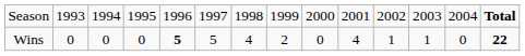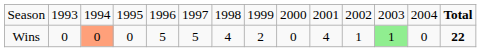 <table class="wikitable sortable">
 <tr>
 <td>Season</td>
 <td>1993</td>
 <td>1994</td>
 <td>1995</td>
 <td>1996</td>
 <td>1997</td>
 <td>1998</td>
 <td>1999</td>
 <td>2000</td>
 <td>2001</td>
 <td>2002</td>
 <td>2003</td>
 <td>2004</td>
 <td><strong>Total</strong></td>
 </tr>
 <tr align=center>
 <td>Wins</td>
 <td>0</td>
+<td style="background: lightsalmon;">0</td>
 <td>0</td>
-<td>0</td>
-<td><strong>5</strong></td>
+<td>5</td>
 <td>5</td>
 <td>4</td>
 <td>2</td>
 <td>0</td>
 <td>4</td>
 <td>1</td>
-<td>1</td>
+<td style="background: lightgreen;">1</td>
 <td>0</td>
 <td><strong>22</strong></td>
 </tr>
 </table>
